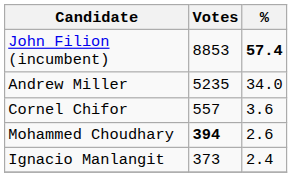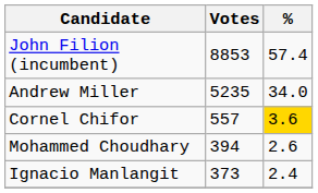 <table class="wikitable">
 <tr>
 <th bgcolor="#DDDDFF" width="150px">Candidate</th>
 <th bgcolor="#DDDDFF">Votes</th>
 <th bgcolor="#DDDDFF">%</th>
 </tr>
 <tr>
 <td><a href='#'>John Filion</a> (incumbent)</td>
 <td>8853</td>
-<td><strong>57.4</strong></td>
+<td>57.4</td>
 </tr>
 <tr>
 <td>Andrew Miller</td>
 <td>5235</td>
 <td>34.0</td>
 </tr>
 <tr>
 <td>Cornel Chifor</td>
 <td>557</td>
-<td>3.6</td>
+<td style="background: gold;">3.6</td>
 </tr>
 <tr>
 <td>Mohammed Choudhary</td>
-<td><strong>394</strong></td>
+<td>394</td>
 <td>2.6</td>
 </tr>
 <tr>
 <td>Ignacio Manlangit</td>
 <td>373</td>
 <td>2.4</td>
 </tr>
 <tr>
 </tr>
 </table>
